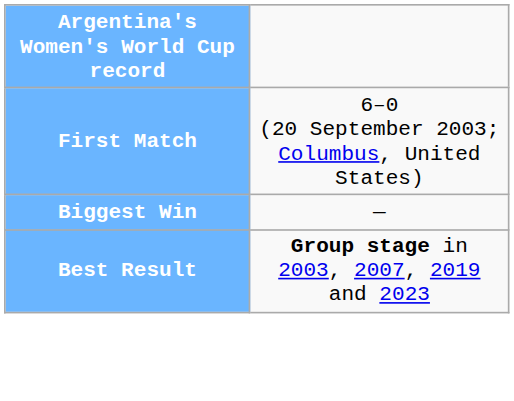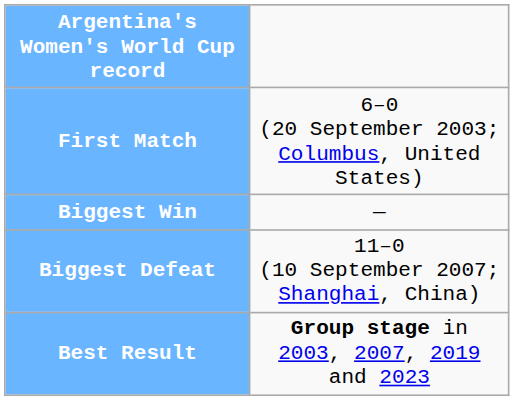 <table class="wikitable collapsible collapsed" style="width:50%;text-align:center">
 <tr>
 <th style="background:#6AB5FF; color:white; ">Argentina's Women's World Cup record</th>
 </tr>
 <tr>
 <th style="background:#6AB5FF; color:white; ">First Match</th>
 <td> 6–0 <br> (20 September 2003; <a href='#'>Columbus</a>, United States)</td>
 </tr>
 <tr>
 <th style="background:#6AB5FF; color:white; ">Biggest Win</th>
 <td>—</td>
 </tr>
 <tr>
+<th style="background:#6AB5FF; color:white; ">Biggest Defeat</th>
+<td> 11–0 <br> (10 September 2007; <a href='#'>Shanghai</a>, China)</td>
+</tr>
+<tr>
 <th style="background:#6AB5FF; color:white; ">Best Result</th>
 <td><strong>Group stage</strong> in <a href='#'>2003</a>, <a href='#'>2007</a>, <a href='#'>2019</a> and <a href='#'>2023</a></td>
 </tr>
 </table>
